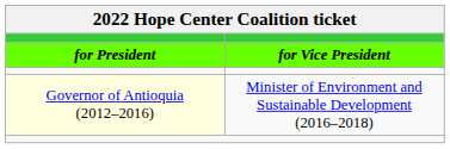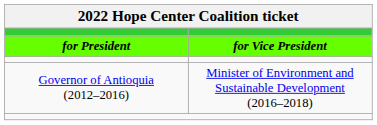 <table class="wikitable" style="font-size:90%;text-align:center">
 <tr>
 <td style="background:#F1F1F1" colspan="30"><big><strong>2022 Hope Center Coalition ticket </strong></big></td>
 </tr>
 <tr>
 <th style="width:3em; font-size:135%; background:#32CD32; width:200px;"></th>
 <th style="width:3em; font-size:135%; background:#32CD32; width:200px;"></th>
 </tr>
 <tr style="color:#000; font-size:100%; background:#66FF00;">
 <td style="width:3em; width:200px;"><strong><em>for President</em></strong></td>
 <td style="width:3em; width:200px;"><strong><em>for Vice President</em></strong></td>
 </tr>
 <tr>
 <td></td>
 <td></td>
 </tr>
 <tr>
-<td style="background: lightyellow;"><a href='#'>Governor of Antioquia</a><br>(2012–2016)</td>
+<td><a href='#'>Governor of Antioquia</a><br>(2012–2016)</td>
 <td><a href='#'>Minister of Environment and Sustainable Development</a><br>(2016–2018)</td>
 </tr>
 <tr>
 <td colspan="2"></td>
 </tr>
 </table>
